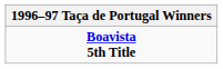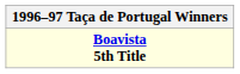 <table class="wikitable" style="text-align: center; margin: 0 auto; width: 20%">
 <tr>
 <th>1996–97 Taça de Portugal Winners</th>
 </tr>
 <tr>
-<td><strong><a href='#'>Boavista</a></strong><br><strong>5th Title</strong></td>
+<td style="background: lightyellow;"><strong><a href='#'>Boavista</a></strong><br><strong>5th Title</strong></td>
 </tr>
 </table>
